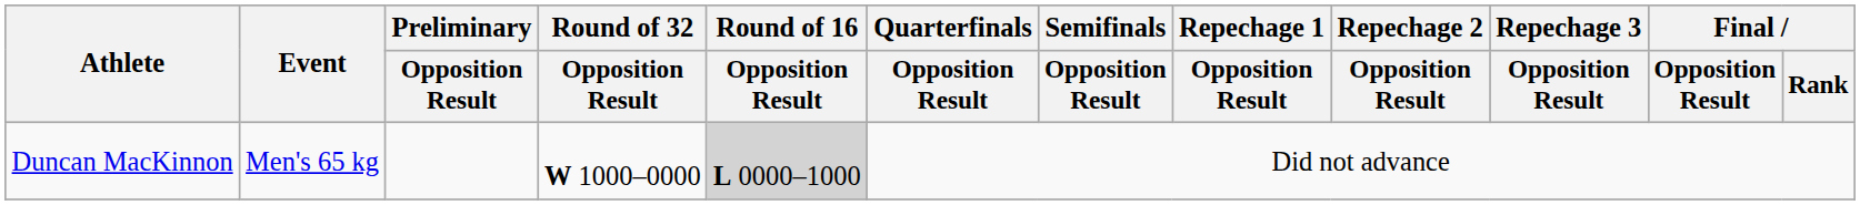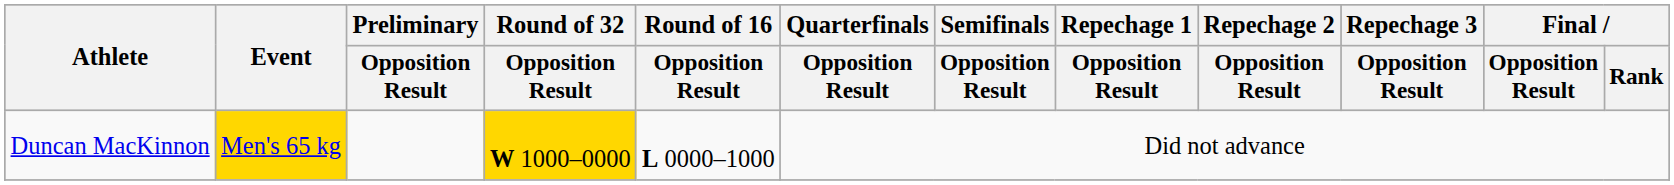 <table class="wikitable" style="font-size:90%">
 <tr>
 <th rowspan="2">Athlete</th>
 <th rowspan="2">Event</th>
 <th>Preliminary</th>
 <th>Round of 32</th>
 <th>Round of 16</th>
 <th>Quarterfinals</th>
 <th>Semifinals</th>
 <th>Repechage 1</th>
 <th>Repechage 2</th>
 <th>Repechage 3</th>
 <th colspan=2>Final / </th>
 </tr>
 <tr style="font-size:95%">
 <th>Opposition<br>Result</th>
 <th>Opposition<br>Result</th>
 <th>Opposition<br>Result</th>
 <th>Opposition<br>Result</th>
 <th>Opposition<br>Result</th>
 <th>Opposition<br>Result</th>
 <th>Opposition<br>Result</th>
 <th>Opposition<br>Result</th>
 <th>Opposition<br>Result</th>
 <th>Rank</th>
 </tr>
 <tr align=center>
 <td align=left><a href='#'>Duncan MacKinnon</a></td>
-<td align=left><a href='#'>Men's 65 kg</a></td>
+<td align=left style="background: gold;"><a href='#'>Men's 65 kg</a></td>
 <td></td>
-<td><br><strong>W</strong> 1000–0000</td>
-<td style="background: lightgrey;"><br><strong>L</strong> 0000–1000</td>
+<td style="background: gold;"><br><strong>W</strong> 1000–0000</td>
+<td><br><strong>L</strong> 0000–1000</td>
 <td colspan=7>Did not advance</td>
 </tr>
 </table>
